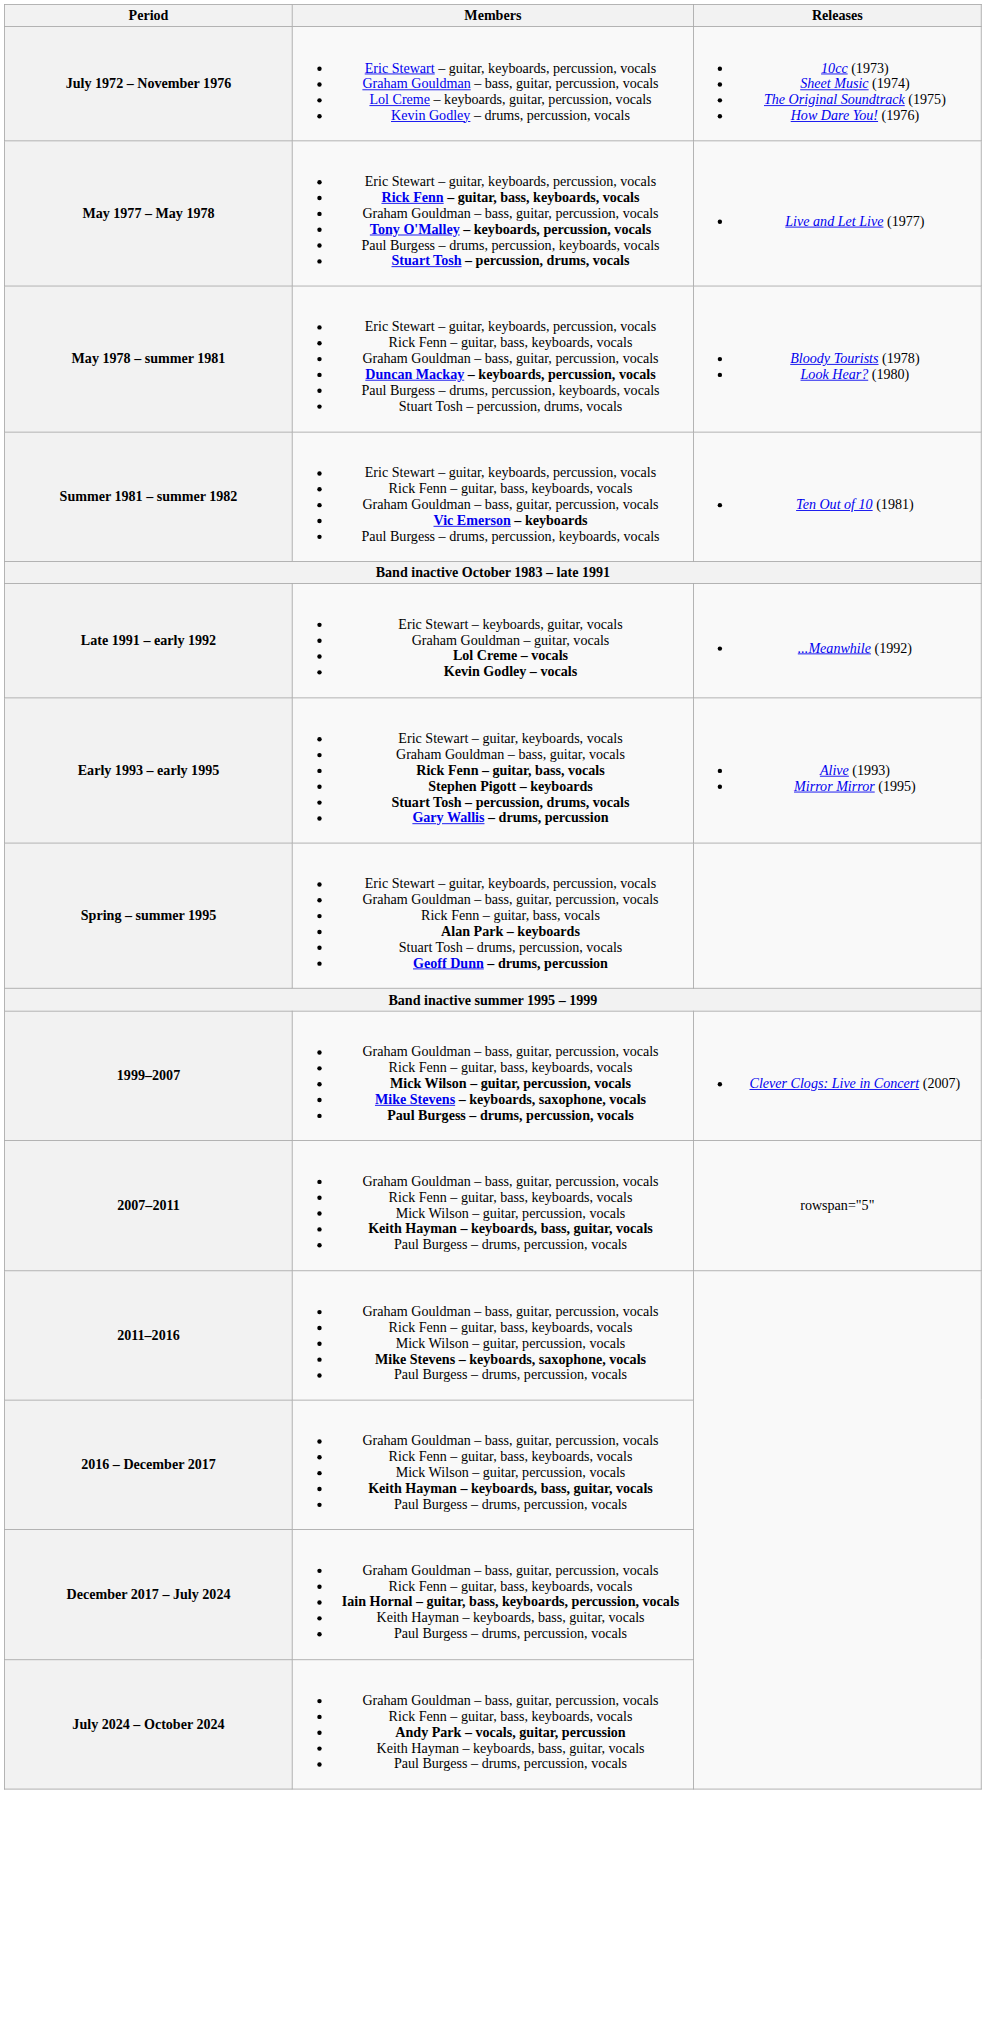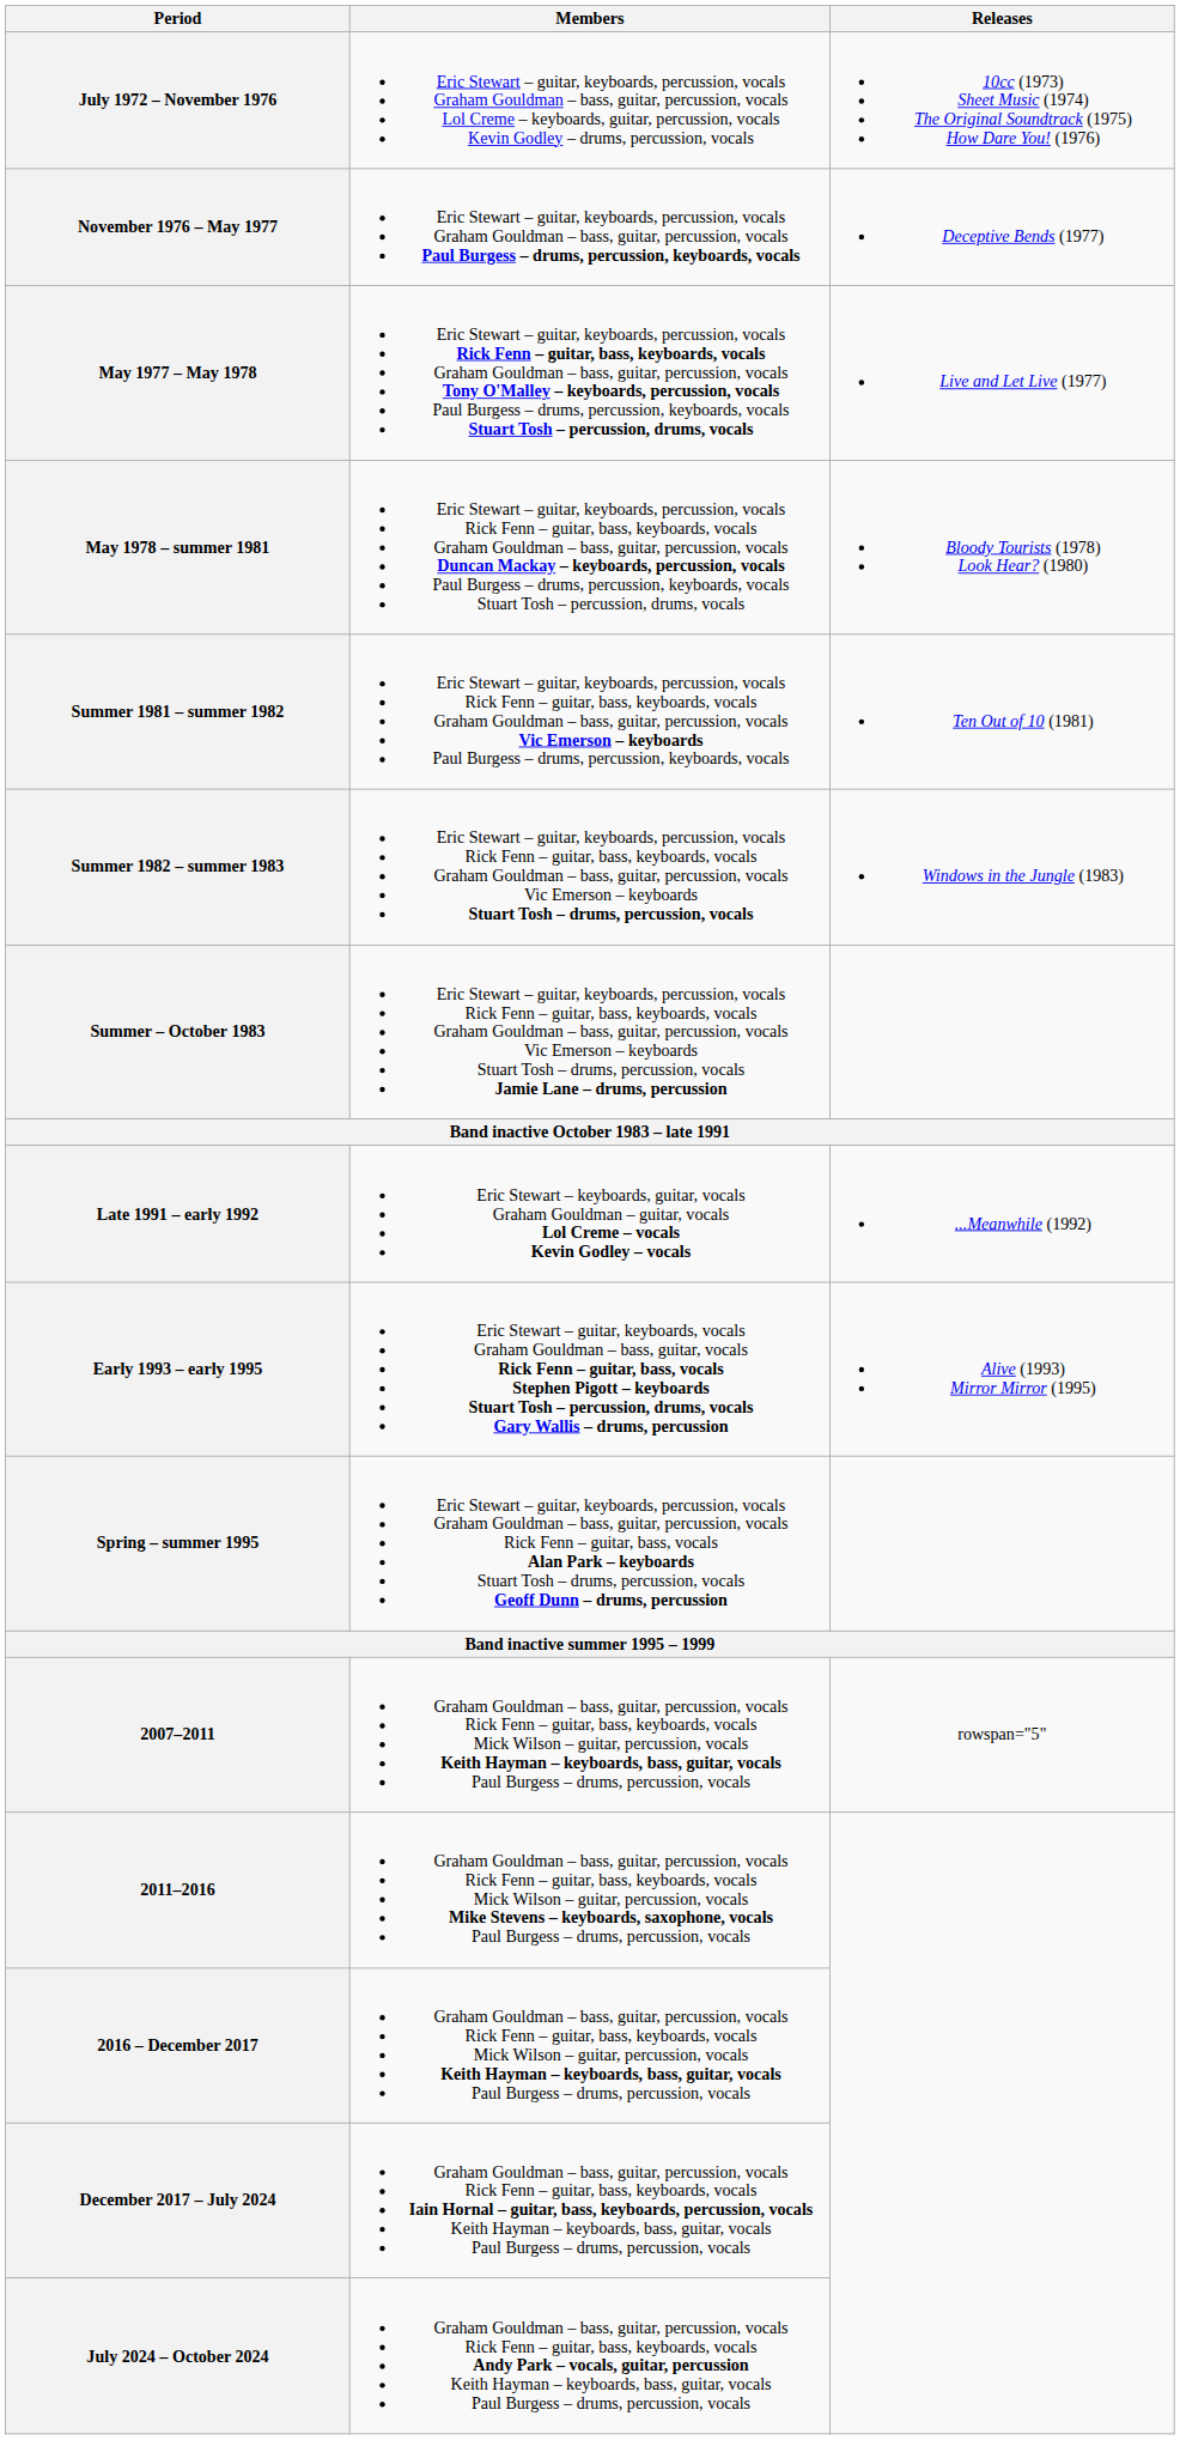 <table class="wikitable plainrowheaders" style="text-align:center;">
 <tr>
 <th scope="col" style="width:20em;">Period</th>
 <th scope="col" style="width:28em;">Members</th>
 <th scope="col" style="width:20em;">Releases</th>
 </tr>
 <tr>
 <th scope="col">July 1972 – November 1976</th>
 <td><br><ul><li><a href='#'>Eric Stewart</a> – guitar, keyboards, percussion, vocals</li><li><a href='#'>Graham Gouldman</a> – bass, guitar, percussion, vocals</li><li><a href='#'>Lol Creme</a> – keyboards, guitar, percussion, vocals</li><li><a href='#'>Kevin Godley</a> – drums, percussion, vocals</li></ul></td>
 <td><br><ul><li><em><a href='#'>10cc</a></em> (1973)</li><li><em><a href='#'>Sheet Music</a></em> (1974)</li><li><em><a href='#'>The Original Soundtrack</a></em> (1975)</li><li><em><a href='#'>How Dare You!</a></em> (1976)</li></ul></td>
+</tr>
+<tr>
+<th scope="col">November 1976 – May 1977</th>
+<td><br><ul><li>Eric Stewart – guitar, keyboards, percussion, vocals</li><li>Graham Gouldman – bass, guitar, percussion, vocals</li><li><strong><a href='#'>Paul Burgess</a> – drums, percussion, keyboards, vocals</strong></li></ul></td>
+<td><br><ul><li><em><a href='#'>Deceptive Bends</a></em> (1977)</li></ul></td>
 </tr>
 <tr>
 <th scope="col">May 1977 – May 1978</th>
 <td><br><ul><li>Eric Stewart – guitar, keyboards, percussion, vocals</li><li><strong><a href='#'>Rick Fenn</a> – guitar, bass, keyboards, vocals</strong></li><li>Graham Gouldman – bass, guitar, percussion, vocals</li><li><strong><a href='#'>Tony O'Malley</a> – keyboards, percussion, vocals</strong></li><li>Paul Burgess – drums, percussion, keyboards, vocals</li><li><strong><a href='#'>Stuart Tosh</a> – percussion, drums, vocals</strong></li></ul></td>
 <td><br><ul><li><em><a href='#'>Live and Let Live</a></em> (1977)</li></ul></td>
 </tr>
 <tr>
 <th scope="col">May 1978 – summer 1981</th>
 <td><br><ul><li>Eric Stewart – guitar, keyboards, percussion, vocals</li><li>Rick Fenn – guitar, bass, keyboards, vocals</li><li>Graham Gouldman – bass, guitar, percussion, vocals</li><li><strong><a href='#'>Duncan Mackay</a> – keyboards, percussion, vocals</strong></li><li>Paul Burgess – drums, percussion, keyboards, vocals</li><li>Stuart Tosh – percussion, drums, vocals</li></ul></td>
 <td><br><ul><li><em><a href='#'>Bloody Tourists</a></em> (1978)</li><li><em><a href='#'>Look Hear?</a></em> (1980)</li></ul></td>
 </tr>
 <tr>
 <th scope="col">Summer 1981 – summer 1982</th>
 <td><br><ul><li>Eric Stewart – guitar, keyboards, percussion, vocals</li><li>Rick Fenn – guitar, bass, keyboards, vocals</li><li>Graham Gouldman – bass, guitar, percussion, vocals</li><li><strong><a href='#'>Vic Emerson</a> – keyboards</strong></li><li>Paul Burgess – drums, percussion, keyboards, vocals</li></ul></td>
 <td><br><ul><li><em><a href='#'>Ten Out of 10</a></em> (1981)</li></ul></td>
+</tr>
+<tr>
+<th scope="col">Summer 1982 – summer 1983</th>
+<td><br><ul><li>Eric Stewart – guitar, keyboards, percussion, vocals</li><li>Rick Fenn – guitar, bass, keyboards, vocals</li><li>Graham Gouldman – bass, guitar, percussion, vocals</li><li>Vic Emerson – keyboards</li><li><strong>Stuart Tosh – drums, percussion, vocals</strong></li></ul></td>
+<td><br><ul><li><em><a href='#'>Windows in the Jungle</a></em> (1983)</li></ul></td>
+</tr>
+<tr>
+<th scope="col">Summer – October 1983</th>
+<td><br><ul><li>Eric Stewart – guitar, keyboards, percussion, vocals</li><li>Rick Fenn – guitar, bass, keyboards, vocals</li><li>Graham Gouldman – bass, guitar, percussion, vocals</li><li>Vic Emerson – keyboards</li><li>Stuart Tosh – drums, percussion, vocals</li><li><strong>Jamie Lane – drums, percussion</strong></li></ul></td>
+<td></td>
 </tr>
 <tr>
 <th scope="col" colspan="3">Band inactive October 1983 – late 1991</th>
 </tr>
 <tr>
 <th scope="col">Late 1991 – early 1992</th>
 <td><br><ul><li>Eric Stewart – keyboards, guitar, vocals</li><li>Graham Gouldman – guitar, vocals</li><li><strong>Lol Creme – vocals</strong></li><li><strong>Kevin Godley – vocals</strong></li></ul></td>
 <td><br><ul><li><em><a href='#'>...Meanwhile</a></em> (1992)</li></ul></td>
 </tr>
 <tr>
 <th scope="col">Early 1993 – early 1995</th>
 <td><br><ul><li>Eric Stewart – guitar, keyboards, vocals</li><li>Graham Gouldman – bass, guitar, vocals</li><li><strong>Rick Fenn – guitar, bass, vocals</strong></li><li><strong>Stephen Pigott – keyboards</strong></li><li><strong>Stuart Tosh – percussion, drums, vocals</strong> </li><li><strong><a href='#'>Gary Wallis</a> – drums, percussion</strong></li></ul></td>
 <td><br><ul><li><em><a href='#'>Alive</a></em> (1993)</li><li><em><a href='#'>Mirror Mirror</a></em> (1995)</li></ul></td>
 </tr>
 <tr>
 <th scope="col">Spring – summer 1995</th>
 <td><br><ul><li>Eric Stewart – guitar, keyboards, percussion, vocals</li><li>Graham Gouldman – bass, guitar, percussion, vocals</li><li>Rick Fenn – guitar, bass, vocals</li><li><strong>Alan Park – keyboards</strong></li><li>Stuart Tosh – drums, percussion, vocals</li><li><strong><a href='#'>Geoff Dunn</a> – drums, percussion</strong></li></ul></td>
 <td></td>
 </tr>
 <tr>
 <th scope="col" colspan="3">Band inactive summer 1995 – 1999</th>
 </tr>
 <tr>
-<th scope="col">1999–2007</th>
-<td><br><ul><li>Graham Gouldman – bass, guitar, percussion, vocals</li><li>Rick Fenn – guitar, bass, keyboards, vocals</li><li><strong>Mick Wilson – guitar, percussion, vocals</strong></li><li><strong><a href='#'>Mike Stevens</a> – keyboards, saxophone, vocals</strong></li><li><strong>Paul Burgess – drums, percussion, vocals</strong></li></ul></td>
-<td><br><ul><li><em><a href='#'>Clever Clogs: Live in Concert</a></em> (2007)</li></ul></td>
-</tr>
-<tr>
 <th scope="col">2007–2011</th>
 <td><br><ul><li>Graham Gouldman – bass, guitar, percussion, vocals</li><li>Rick Fenn – guitar, bass, keyboards, vocals</li><li>Mick Wilson – guitar, percussion, vocals</li><li><strong>Keith Hayman – keyboards, bass, guitar, vocals</strong></li><li>Paul Burgess – drums, percussion, vocals</li></ul></td>
 <td>rowspan="5" </td>
 </tr>
 <tr>
 <th scope="col">2011–2016</th>
 <td><br><ul><li>Graham Gouldman – bass, guitar, percussion, vocals</li><li>Rick Fenn – guitar, bass, keyboards, vocals</li><li>Mick Wilson – guitar, percussion, vocals</li><li><strong>Mike Stevens – keyboards, saxophone, vocals</strong></li><li>Paul Burgess – drums, percussion, vocals</li></ul></td>
 </tr>
 <tr>
 <th scope="col">2016 – December 2017</th>
 <td><br><ul><li>Graham Gouldman – bass, guitar, percussion, vocals</li><li>Rick Fenn – guitar, bass, keyboards, vocals</li><li>Mick Wilson – guitar, percussion, vocals</li><li><strong>Keith Hayman – keyboards, bass, guitar, vocals</strong></li><li>Paul Burgess – drums, percussion, vocals</li></ul></td>
 </tr>
 <tr>
 <th scope="col">December 2017 – July 2024</th>
 <td><br><ul><li>Graham Gouldman – bass, guitar, percussion, vocals</li><li>Rick Fenn – guitar, bass, keyboards, vocals</li><li><strong>Iain Hornal – guitar, bass, keyboards, percussion, vocals</strong></li><li>Keith Hayman – keyboards, bass, guitar, vocals</li><li>Paul Burgess – drums, percussion, vocals</li></ul></td>
 </tr>
 <tr>
 <th scope="col">July 2024 – October 2024</th>
 <td><br><ul><li>Graham Gouldman – bass, guitar, percussion, vocals</li><li>Rick Fenn – guitar, bass, keyboards, vocals</li><li><strong>Andy Park – vocals, guitar, percussion</strong></li><li>Keith Hayman – keyboards, bass, guitar, vocals</li><li>Paul Burgess – drums, percussion, vocals</li></ul></td>
 </tr>
 </table>
